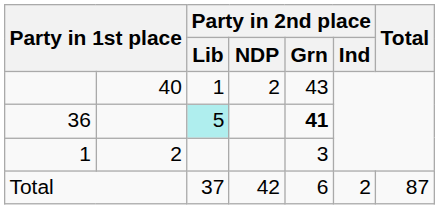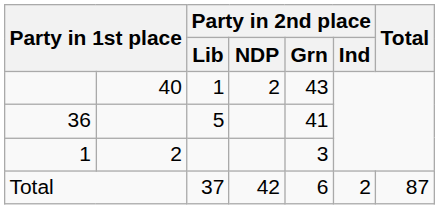 <table class="wikitable" style="text-align:right;">
 <tr>
 <th rowspan="2" colspan="2" style="text-align:left;">Party in 1st place</th>
 <th colspan="4">Party in 2nd place</th>
 <th rowspan="2">Total</th>
 </tr>
 <tr>
 <th>Lib</th>
 <th>NDP</th>
 <th>Grn</th>
 <th>Ind</th>
 </tr>
 <tr>
 <td></td>
 <td>40</td>
 <td>1</td>
 <td>2</td>
 <td>43</td>
 </tr>
 <tr>
 <td>36</td>
 <td></td>
-<td style="background: paleturquoise;">5</td>
+<td>5</td>
 <td></td>
-<td><strong>41</strong></td>
+<td>41</td>
 </tr>
 <tr>
 <td>1</td>
 <td>2</td>
 <td></td>
 <td></td>
 <td>3</td>
 </tr>
 <tr>
 <td colspan="2" style="text-align:left;">Total</td>
 <td>37</td>
 <td>42</td>
 <td>6</td>
 <td>2</td>
 <td>87</td>
 </tr>
 </table>
